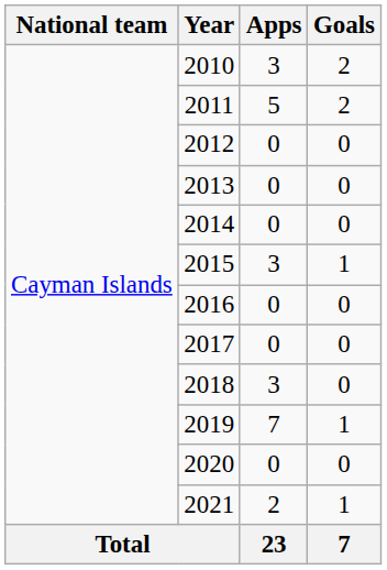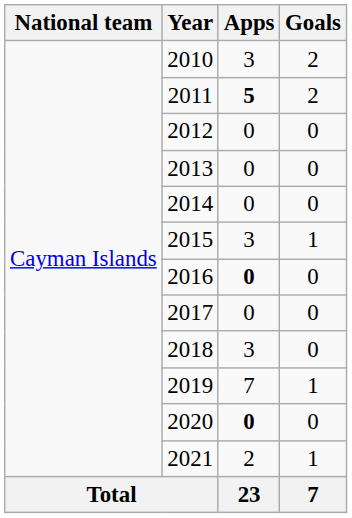 <table class="wikitable" style="text-align:center">
 <tr>
 <th>National team</th>
 <th>Year</th>
 <th>Apps</th>
 <th>Goals</th>
 </tr>
 <tr>
 <td rowspan="12"><a href='#'>Cayman Islands</a></td>
 <td>2010</td>
 <td>3</td>
 <td>2</td>
 </tr>
 <tr>
 <td>2011</td>
-<td>5</td>
+<td><strong>5</strong></td>
 <td>2</td>
 </tr>
 <tr>
 <td>2012</td>
 <td>0</td>
 <td>0</td>
 </tr>
 <tr>
 <td>2013</td>
 <td>0</td>
 <td>0</td>
 </tr>
 <tr>
 <td>2014</td>
 <td>0</td>
 <td>0</td>
 </tr>
 <tr>
 <td>2015</td>
 <td>3</td>
 <td>1</td>
 </tr>
 <tr>
 <td>2016</td>
-<td>0</td>
+<td><strong>0</strong></td>
 <td>0</td>
 </tr>
 <tr>
 <td>2017</td>
 <td>0</td>
 <td>0</td>
 </tr>
 <tr>
 <td>2018</td>
 <td>3</td>
 <td>0</td>
 </tr>
 <tr>
 <td>2019</td>
 <td>7</td>
 <td>1</td>
 </tr>
 <tr>
 <td>2020</td>
-<td>0</td>
+<td><strong>0</strong></td>
 <td>0</td>
 </tr>
 <tr>
 <td>2021</td>
 <td>2</td>
 <td>1</td>
 </tr>
 <tr>
 <th colspan="2">Total</th>
 <th>23</th>
 <th>7</th>
 </tr>
 </table>
